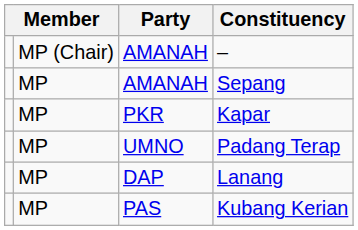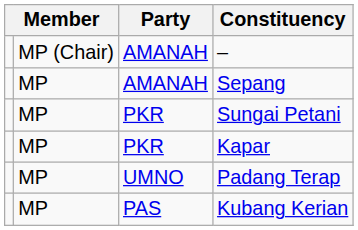 <table class="sortable wikitable">
 <tr>
 <th colspan="2" valign="top">Member</th>
 <th valign="top">Party</th>
 <th valign="top">Constituency</th>
 </tr>
 <tr>
 <td></td>
 <td> MP (Chair)</td>
 <td><a href='#'>AMANAH</a></td>
 <td>–</td>
 </tr>
 <tr>
 <td></td>
 <td> MP</td>
 <td><a href='#'>AMANAH</a></td>
 <td><a href='#'>Sepang</a></td>
 </tr>
 <tr>
 <td></td>
 <td> MP</td>
 <td><a href='#'>PKR</a></td>
+<td><a href='#'>Sungai Petani</a></td>
+</tr>
+<tr>
+<td></td>
+<td> MP</td>
+<td><a href='#'>PKR</a></td>
 <td><a href='#'>Kapar</a></td>
 </tr>
 <tr>
 <td></td>
 <td> MP</td>
 <td><a href='#'>UMNO</a></td>
 <td><a href='#'>Padang Terap</a></td>
 </tr>
 <tr>
 <td></td>
 <td> MP</td>
-<td><a href='#'>DAP</a></td>
-<td><a href='#'>Lanang</a></td>
-</tr>
-<tr>
-<td></td>
-<td> MP</td>
 <td><a href='#'>PAS</a></td>
 <td><a href='#'>Kubang Kerian</a></td>
 </tr>
 </table>
